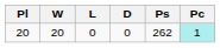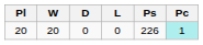 <table class="wikitable" style="text-align:center">
 <tr>
 <th width=40px>Pl</th>
 <th width=40px>W</th>
+<th width=40px>D</th>
 <th width=40px>L</th>
-<th width=40px>D</th>
 <th width=40px>Ps</th>
 <th width=40px>Pc</th>
 </tr>
 <tr>
 <td>20</td>
 <td>20</td>
 <td>0</td>
 <td>0</td>
-<td>262</td>
+<td>226</td>
 <td style="background: paleturquoise;">1</td>
 </tr>
 </table>
